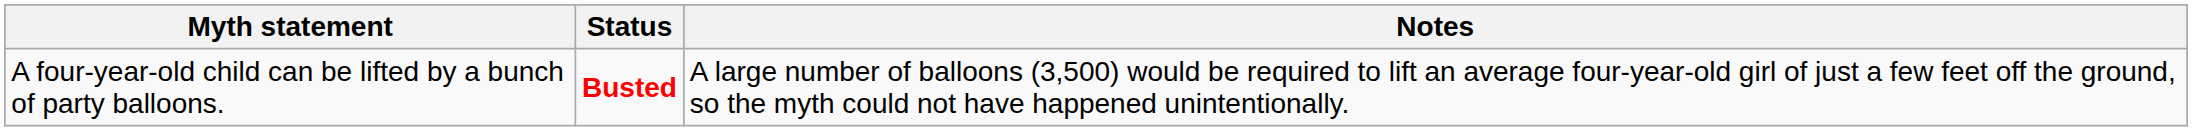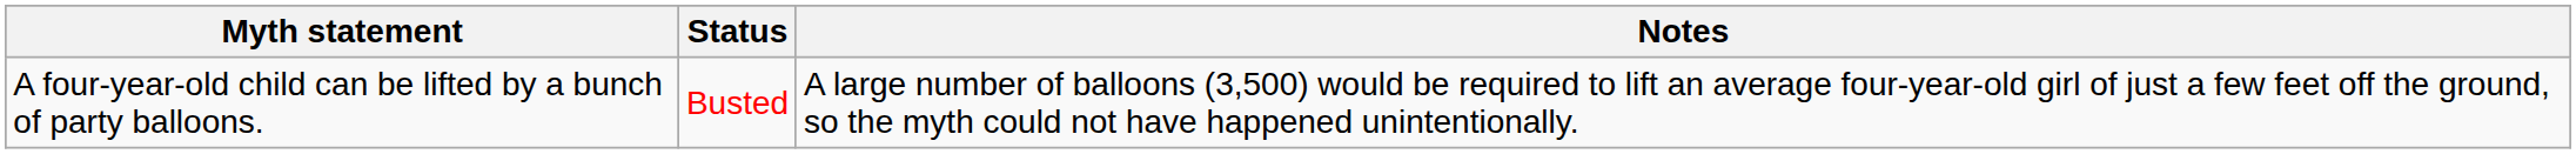 <table class="wikitable plainrowheaders">
 <tr>
 <th>Myth statement</th>
 <th>Status</th>
 <th>Notes</th>
 </tr>
 <tr>
 <td>A four-year-old child can be lifted by a bunch of party balloons.</td>
-<td style="color:red"><strong>Busted</strong></td>
+<td style="color:red">Busted</td>
 <td>A large number of balloons (3,500) would be required to lift an average four-year-old girl of  just a few feet off the ground, so the myth could not have happened unintentionally.</td>
 </tr>
 </table>
